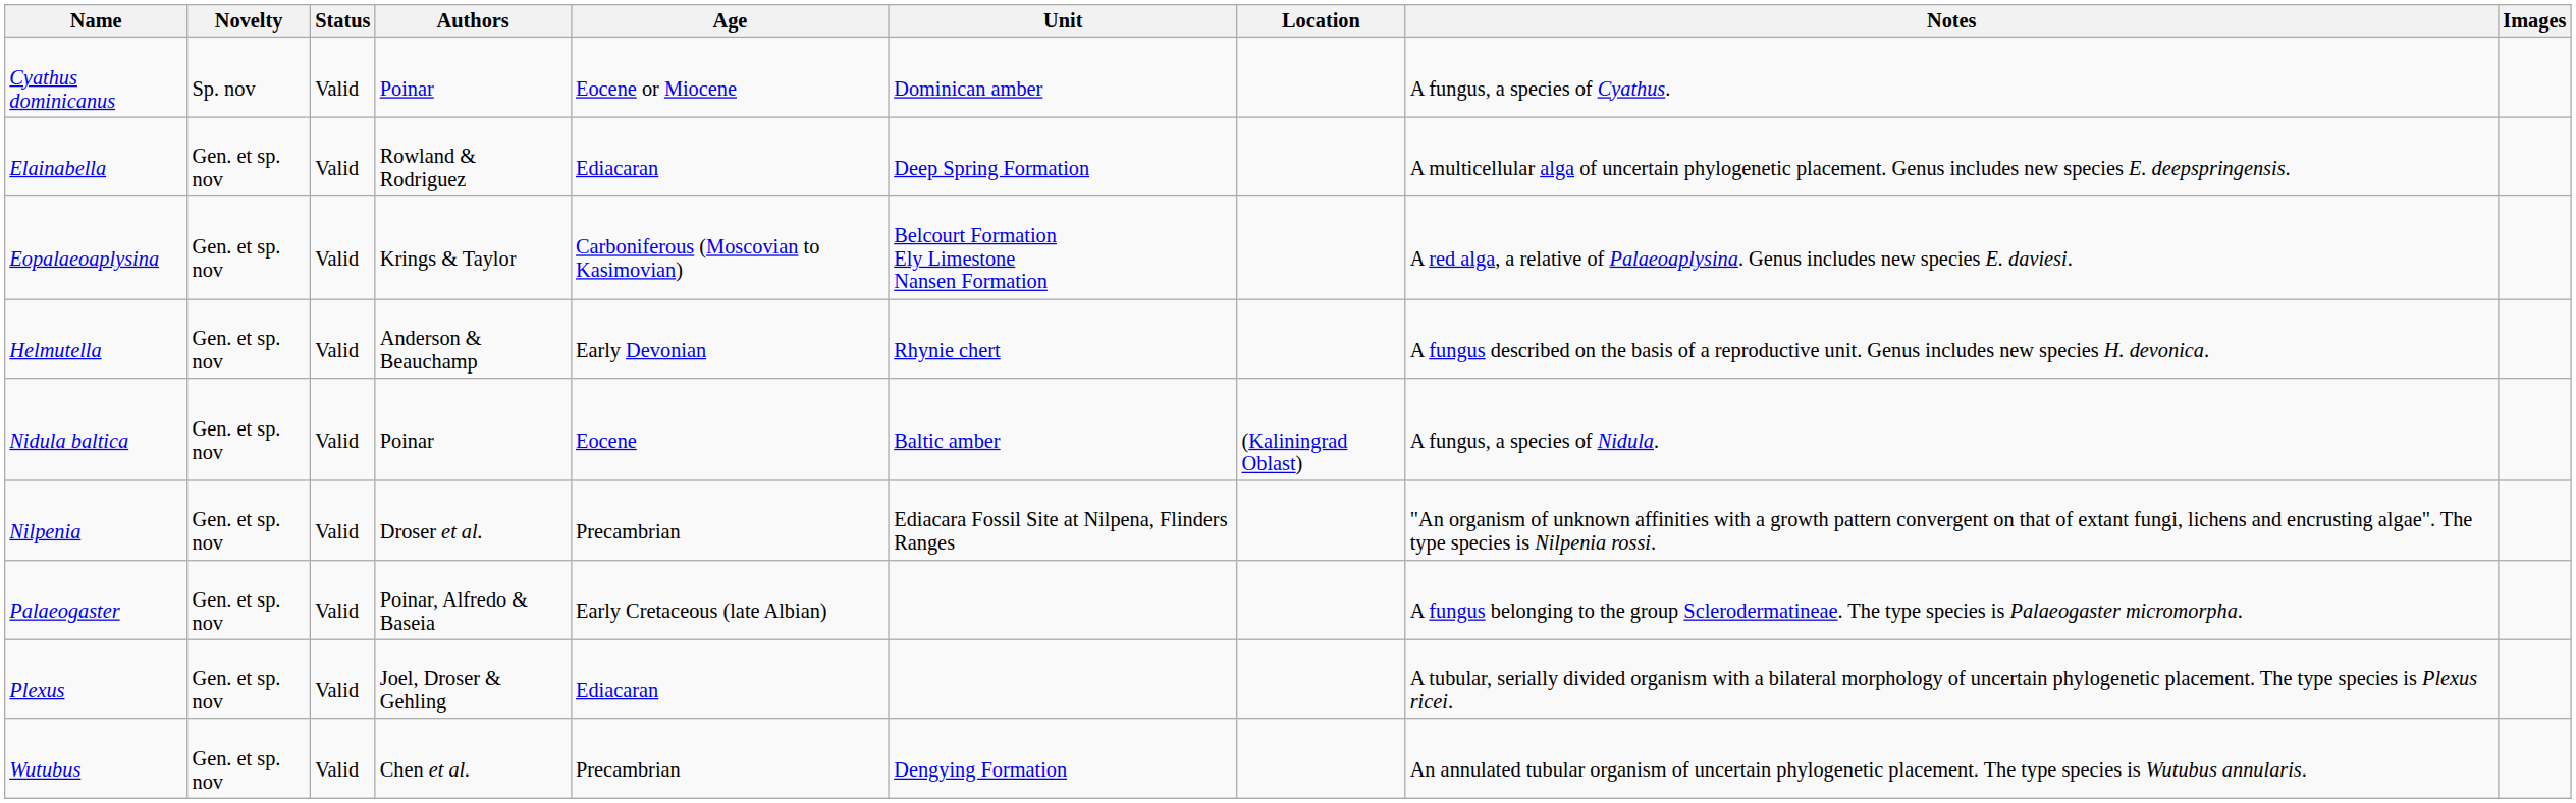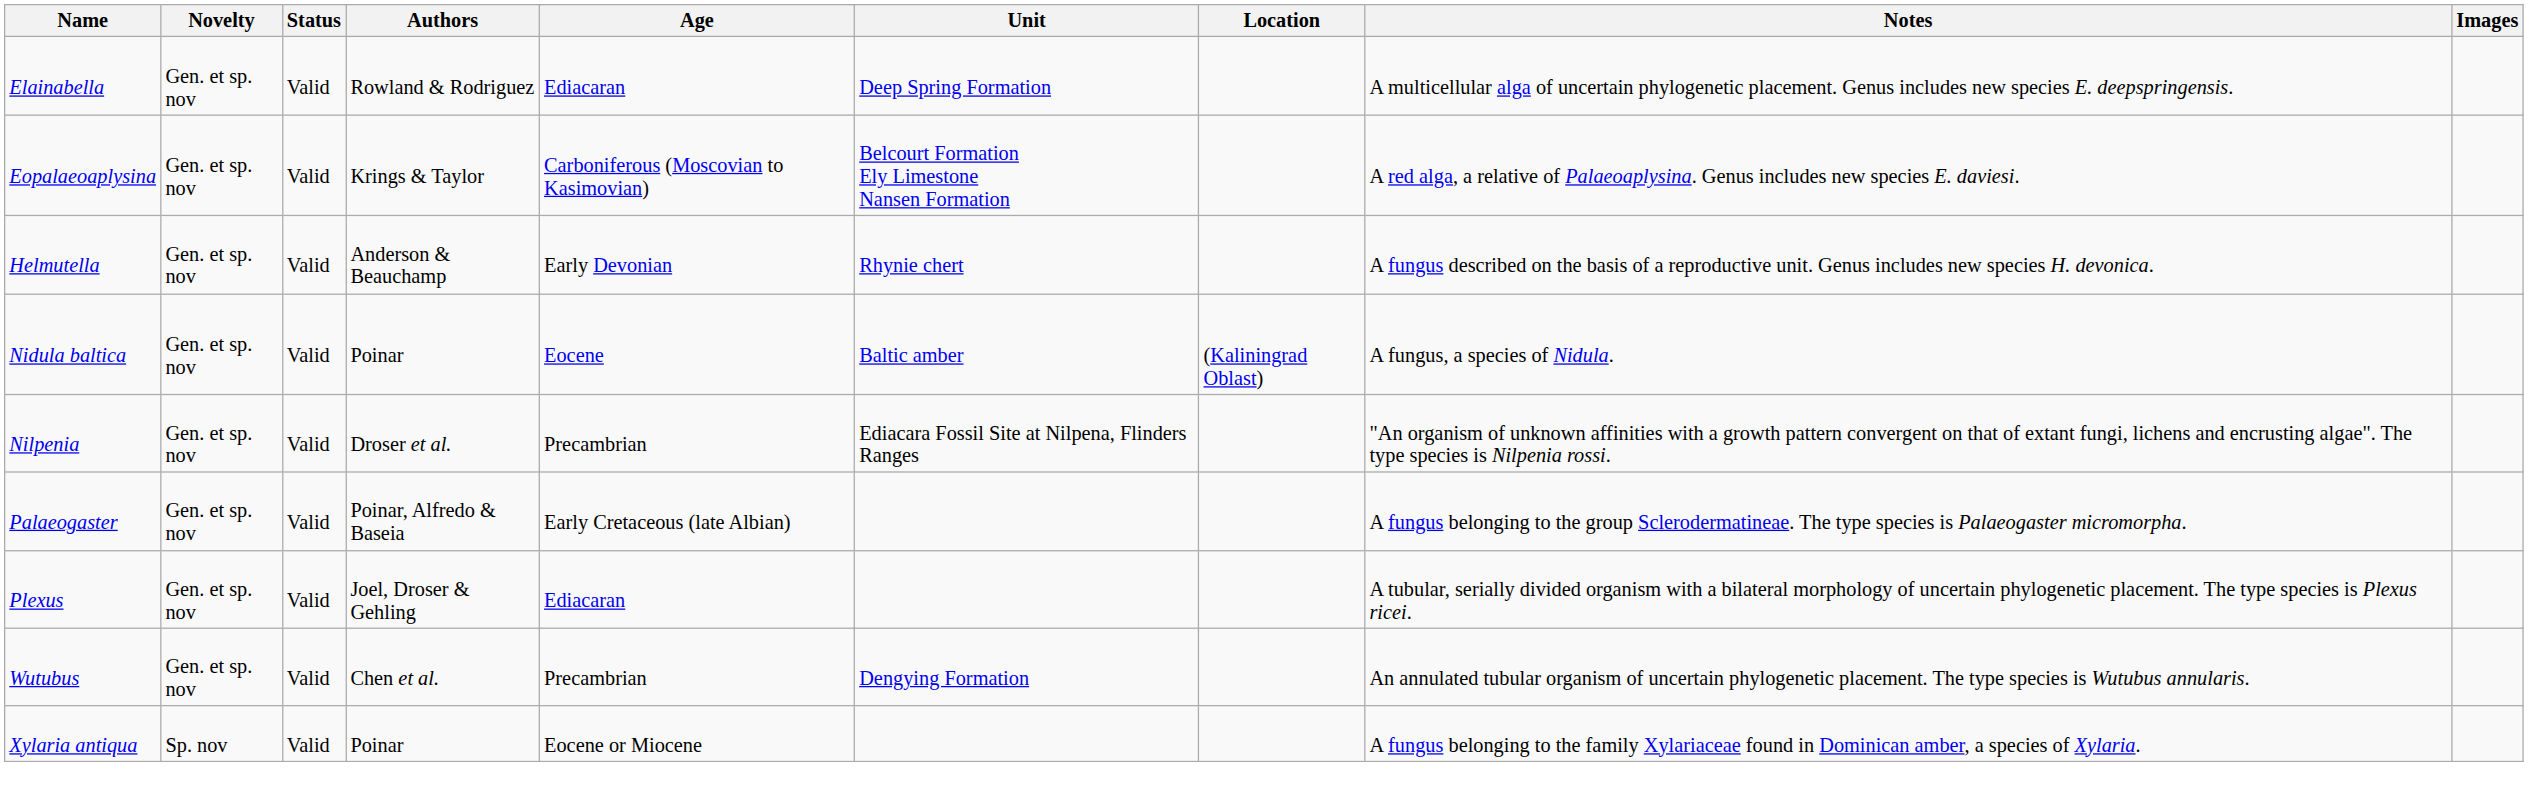 <table class="wikitable sortable" align="center" width="100%">
 <tr>
 <th>Name</th>
 <th>Novelty</th>
 <th>Status</th>
 <th>Authors</th>
 <th>Age</th>
 <th>Unit</th>
 <th>Location</th>
 <th>Notes</th>
 <th>Images</th>
-</tr>
-<tr>
-<td><br><em><a href='#'>Cyathus dominicanus</a></em></td>
-<td><br>Sp. nov</td>
-<td><br>Valid</td>
-<td><br><a href='#'>Poinar</a></td>
-<td><br><a href='#'>Eocene</a> or <a href='#'>Miocene</a></td>
-<td><br><a href='#'>Dominican amber</a></td>
-<td><br></td>
-<td><br>A fungus, a species of <em><a href='#'>Cyathus</a></em>.</td>
-<td></td>
 </tr>
 <tr>
 <td><br><em><a href='#'>Elainabella</a></em></td>
 <td><br>Gen. et sp. nov</td>
 <td><br>Valid</td>
 <td><br>Rowland & Rodriguez</td>
 <td><br><a href='#'>Ediacaran</a></td>
 <td><br><a href='#'>Deep Spring Formation</a></td>
 <td><br></td>
 <td><br>A multicellular <a href='#'>alga</a> of uncertain phylogenetic placement. Genus includes new species <em>E. deepspringensis</em>.</td>
 <td></td>
 </tr>
 <tr>
 <td><br><em><a href='#'>Eopalaeoaplysina</a></em></td>
 <td><br>Gen. et sp. nov</td>
 <td><br>Valid</td>
 <td><br>Krings & Taylor</td>
 <td><br><a href='#'>Carboniferous</a> (<a href='#'>Moscovian</a> to <a href='#'>Kasimovian</a>)</td>
 <td><br><a href='#'>Belcourt Formation</a><br> <a href='#'>Ely Limestone</a><br> <a href='#'>Nansen Formation</a></td>
 <td><br><br> </td>
 <td><br>A <a href='#'>red alga</a>, a relative of <em><a href='#'>Palaeoaplysina</a></em>. Genus includes new species <em>E. daviesi</em>.</td>
 <td></td>
 </tr>
 <tr>
 <td><br><em><a href='#'>Helmutella</a></em></td>
 <td><br>Gen. et sp. nov</td>
 <td><br>Valid</td>
 <td><br>Anderson & Beauchamp</td>
 <td><br>Early <a href='#'>Devonian</a></td>
 <td><br><a href='#'>Rhynie chert</a></td>
 <td><br></td>
 <td><br>A <a href='#'>fungus</a> described on the basis of a reproductive unit. Genus includes new species <em>H. devonica</em>.</td>
 <td></td>
 </tr>
 <tr>
 <td><br><em><a href='#'>Nidula baltica</a></em></td>
 <td><br>Gen. et sp. nov</td>
 <td><br>Valid</td>
 <td><br>Poinar</td>
 <td><br><a href='#'>Eocene</a></td>
 <td><br><a href='#'>Baltic amber</a></td>
 <td><br><br>(<a href='#'>Kaliningrad Oblast</a>)</td>
 <td><br>A fungus, a species of <em><a href='#'>Nidula</a></em>.</td>
 <td></td>
 </tr>
 <tr>
 <td><br><em><a href='#'>Nilpenia</a></em></td>
 <td><br>Gen. et sp. nov</td>
 <td><br>Valid</td>
 <td><br>Droser <em>et al.</em></td>
 <td><br>Precambrian</td>
 <td><br>Ediacara Fossil Site at Nilpena, Flinders Ranges</td>
 <td><br></td>
 <td><br>"An organism of unknown affinities with a growth pattern convergent on that of extant fungi, lichens and encrusting algae". The type species is <em>Nilpenia rossi</em>.</td>
 <td></td>
 </tr>
 <tr>
 <td><br><em><a href='#'>Palaeogaster</a></em></td>
 <td><br>Gen. et sp. nov</td>
 <td><br>Valid</td>
 <td><br>Poinar, Alfredo & Baseia</td>
 <td><br>Early Cretaceous (late Albian)</td>
 <td></td>
 <td><br></td>
 <td><br>A <a href='#'>fungus</a> belonging to the group <a href='#'>Sclerodermatineae</a>. The type species is <em>Palaeogaster micromorpha</em>.</td>
 <td></td>
 </tr>
 <tr>
 <td><br><em><a href='#'>Plexus</a></em></td>
 <td><br>Gen. et sp. nov</td>
 <td><br>Valid</td>
 <td><br>Joel, Droser & Gehling</td>
 <td><br><a href='#'>Ediacaran</a></td>
 <td></td>
 <td><br></td>
 <td><br>A tubular, serially divided organism with a bilateral morphology of uncertain phylogenetic placement. The type species is <em>Plexus ricei</em>.</td>
 <td></td>
 </tr>
 <tr>
 <td><br><em><a href='#'>Wutubus</a></em></td>
 <td><br>Gen. et sp. nov</td>
 <td><br>Valid</td>
 <td><br>Chen <em>et al.</em></td>
 <td><br>Precambrian</td>
 <td><br><a href='#'>Dengying Formation</a></td>
 <td><br></td>
 <td><br>An annulated tubular organism of uncertain phylogenetic placement. The type species is <em>Wutubus annularis</em>.</td>
 <td></td>
 </tr>
 <tr>
+<td><br><em><a href='#'>Xylaria antiqua</a></em></td>
+<td><br>Sp. nov</td>
+<td><br>Valid</td>
+<td><br>Poinar</td>
+<td><br>Eocene or Miocene</td>
+<td></td>
+<td><br></td>
+<td><br>A <a href='#'>fungus</a> belonging to the family <a href='#'>Xylariaceae</a> found in <a href='#'>Dominican amber</a>, a species of <em><a href='#'>Xylaria</a></em>.</td>
+<td></td>
+</tr>
+<tr>
 </tr>
 </table>
